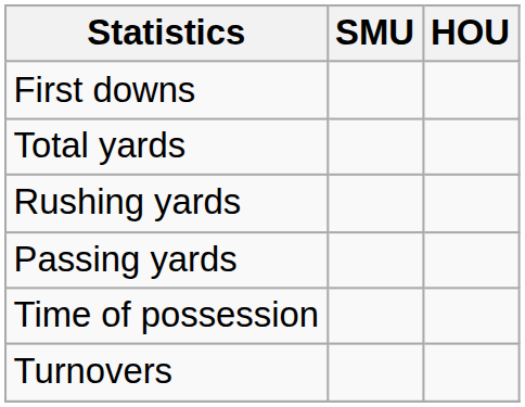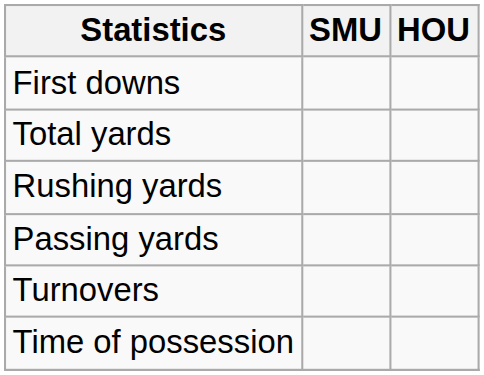 <table class="wikitable">
 <tr>
 <th>Statistics</th>
 <th>SMU</th>
 <th>HOU</th>
 </tr>
 <tr>
 <td>First downs</td>
 <td></td>
 <td></td>
 </tr>
 <tr>
 <td>Total yards</td>
 <td></td>
 <td></td>
 </tr>
 <tr>
 <td>Rushing yards</td>
 <td></td>
 <td></td>
 </tr>
 <tr>
 <td>Passing yards</td>
 <td></td>
 <td></td>
 </tr>
 <tr>
-<td>Time of possession</td>
+<td>Turnovers</td>
 <td></td>
 <td></td>
 </tr>
 <tr>
-<td>Turnovers</td>
+<td>Time of possession</td>
 <td></td>
 <td></td>
 </tr>
 <tr>
 </tr>
 </table>
